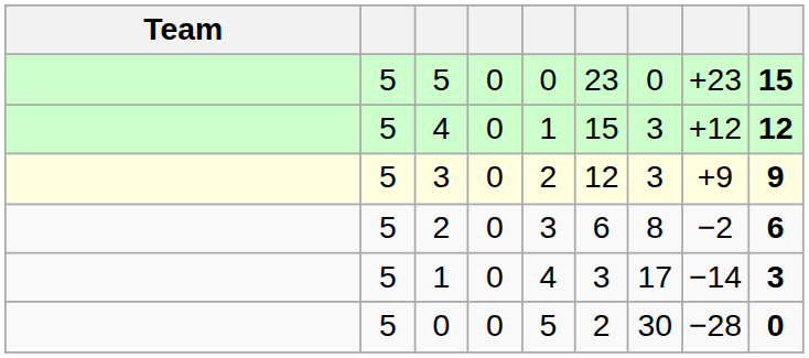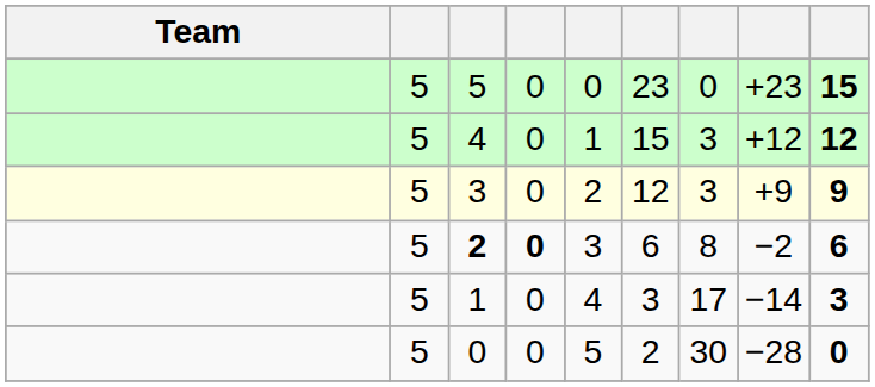 <table class="wikitable" style="text-align:center">
 <tr>
 <th width="175">Team</th>
 <th width="20"></th>
 <th width="20"></th>
 <th width="20"></th>
 <th width="20"></th>
 <th width="20"></th>
 <th width="20"></th>
 <th width="20"></th>
 <th width="20"></th>
 </tr>
 <tr bgcolor=ccffcc>
 <td align=left></td>
 <td>5</td>
 <td>5</td>
 <td>0</td>
 <td>0</td>
 <td>23</td>
 <td>0</td>
 <td>+23</td>
 <td><strong>15</strong></td>
 </tr>
 <tr bgcolor=ccffcc>
 <td align=left></td>
 <td>5</td>
 <td>4</td>
 <td>0</td>
 <td>1</td>
 <td>15</td>
 <td>3</td>
 <td>+12</td>
 <td><strong>12</strong></td>
 </tr>
 <tr bgcolor=lightyellow>
 <td align=left></td>
 <td>5</td>
 <td>3</td>
 <td>0</td>
 <td>2</td>
 <td>12</td>
 <td>3</td>
 <td>+9</td>
 <td><strong>9</strong></td>
 </tr>
 <tr>
 <td align=left></td>
 <td>5</td>
-<td>2</td>
-<td>0</td>
+<td><strong>2</strong></td>
+<td><strong>0</strong></td>
 <td>3</td>
 <td>6</td>
 <td>8</td>
 <td>−2</td>
 <td><strong>6</strong></td>
 </tr>
 <tr>
 <td align=left></td>
 <td>5</td>
 <td>1</td>
 <td>0</td>
 <td>4</td>
 <td>3</td>
 <td>17</td>
 <td>−14</td>
 <td><strong>3</strong></td>
 </tr>
 <tr>
 <td align=left></td>
 <td>5</td>
 <td>0</td>
 <td>0</td>
 <td>5</td>
 <td>2</td>
 <td>30</td>
 <td>−28</td>
 <td><strong>0</strong></td>
 </tr>
 </table>
